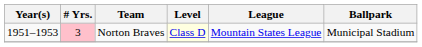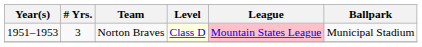 <table class="wikitable" style="text-align:center; font-size: 95%;">
 <tr>
 <th>Year(s)</th>
 <th># Yrs.</th>
 <th>Team</th>
 <th>Level</th>
 <th>League</th>
 <th>Ballpark</th>
 </tr>
 <tr>
 <td>1951–1953</td>
-<td style="background: pink;">3</td>
+<td>3</td>
 <td>Norton Braves</td>
 <td style="background: lightyellow;"><a href='#'>Class D</a></td>
-<td><a href='#'>Mountain States League</a></td>
+<td style="background: pink;"><a href='#'>Mountain States League</a></td>
 <td>Municipal Stadium</td>
 </tr>
 <tr>
 </tr>
 </table>
